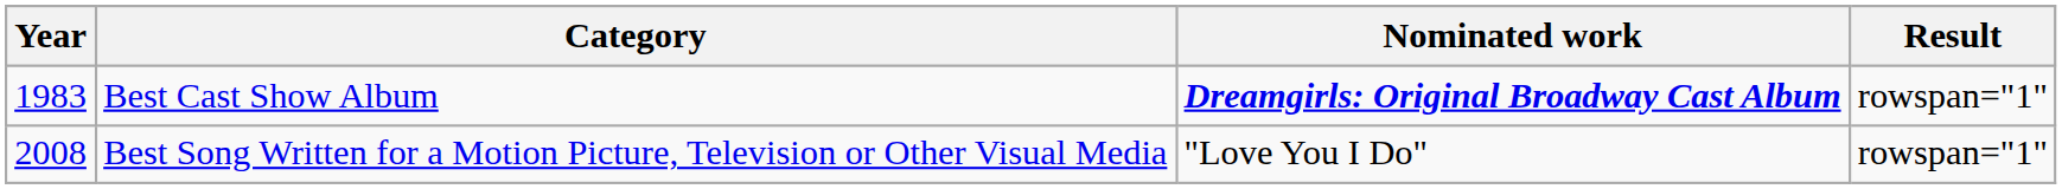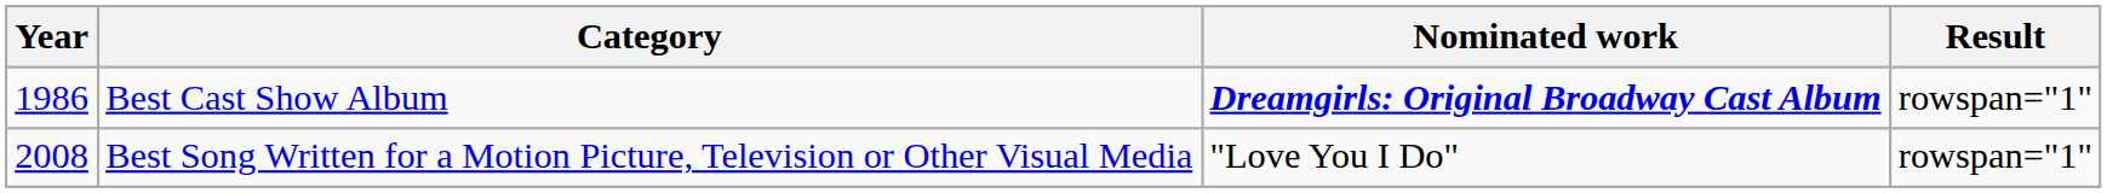 <table class="wikitable" style="font-size:90%;">
 <tr style="background:#ccc; text-align:center;">
 <th>Year</th>
 <th>Category</th>
 <th>Nominated work</th>
 <th>Result</th>
 </tr>
 <tr>
-<td><a href='#'>1983</a></td>
+<td><a href='#'>1986</a></td>
 <td><a href='#'>Best Cast Show Album</a></td>
 <td><strong><em><a href='#'>Dreamgirls: Original Broadway Cast Album</a></em></strong></td>
 <td>rowspan="1" </td>
 </tr>
 <tr>
 <td><a href='#'>2008</a></td>
 <td><a href='#'>Best Song Written for a Motion Picture, Television or Other Visual Media</a></td>
 <td>"Love You I Do"</td>
 <td>rowspan="1" </td>
 </tr>
 </table>
